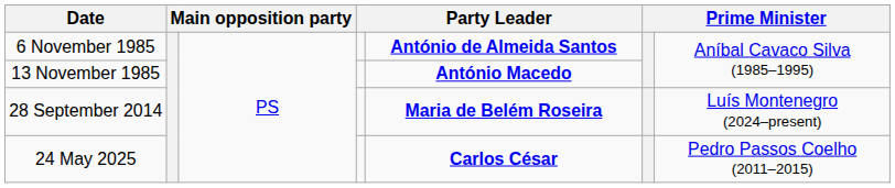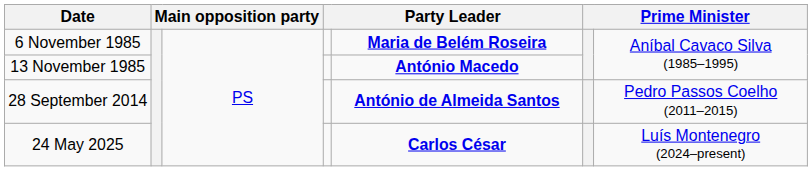 <table class="wikitable" style="text-align:center; border:1px #AAAAFF solid">
 <tr>
 <th>Date </th>
 <th colspan="2">Main opposition party</th>
 <th style="width:255px;" colspan="2">Party Leader</th>
 <th style="width:220px;" colspan="2"><a href='#'>Prime Minister</a> </th>
 </tr>
 <tr>
 <td>6 November 1985</td>
 <th width="4" rowspan="4" style="background:"></th>
 <td rowspan="4"><a href='#'>PS</a></td>
 <td></td>
-<td><strong><a href='#'>António de Almeida Santos</a></strong></td>
+<td><strong><a href='#'>Maria de Belém Roseira</a></strong></td>
 <th width="4" rowspan="2" style="background:"></th>
 <td rowspan="2"><a href='#'>Aníbal Cavaco Silva</a><br><small>(1985–1995)</small></td>
 </tr>
 <tr>
 <td>13 November 1985</td>
 <td></td>
 <td><strong><a href='#'>António Macedo</a></strong></td>
 </tr>
 <tr>
 <td>28 September 2014</td>
 <td></td>
-<td><strong><a href='#'>Maria de Belém Roseira</a></strong></td>
+<td><strong><a href='#'>António de Almeida Santos</a></strong></td>
 <th width="4" style="background:"></th>
-<td><a href='#'>Luís Montenegro</a><br><small>(2024–present)</small></td>
+<td><a href='#'>Pedro Passos Coelho</a><br><small>(2011–2015)</small></td>
 </tr>
 <tr>
 <td>24 May 2025</td>
 <td></td>
 <td><strong><a href='#'>Carlos César</a></strong></td>
 <th style="background:"></th>
-<td><a href='#'>Pedro Passos Coelho</a><br><small>(2011–2015)</small></td>
+<td><a href='#'>Luís Montenegro</a><br><small>(2024–present)</small></td>
 </tr>
 </table>
